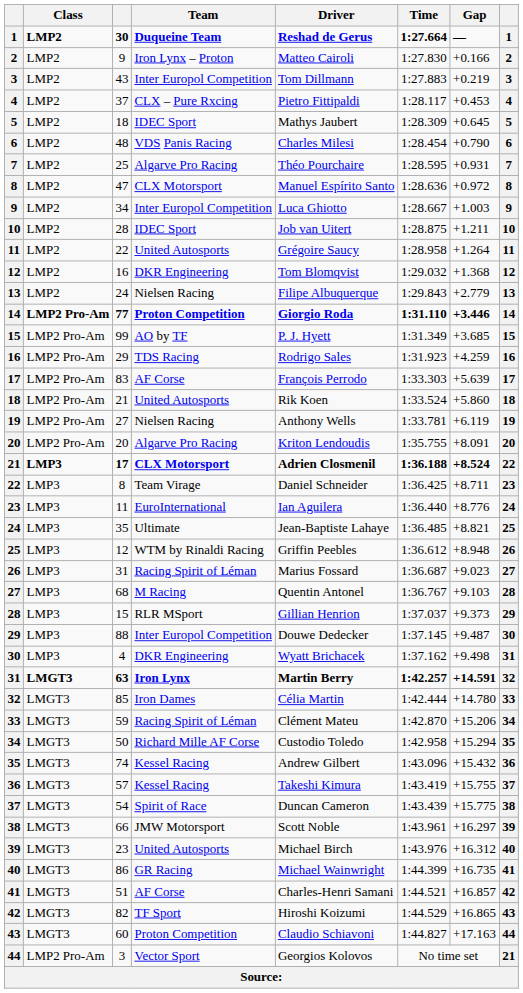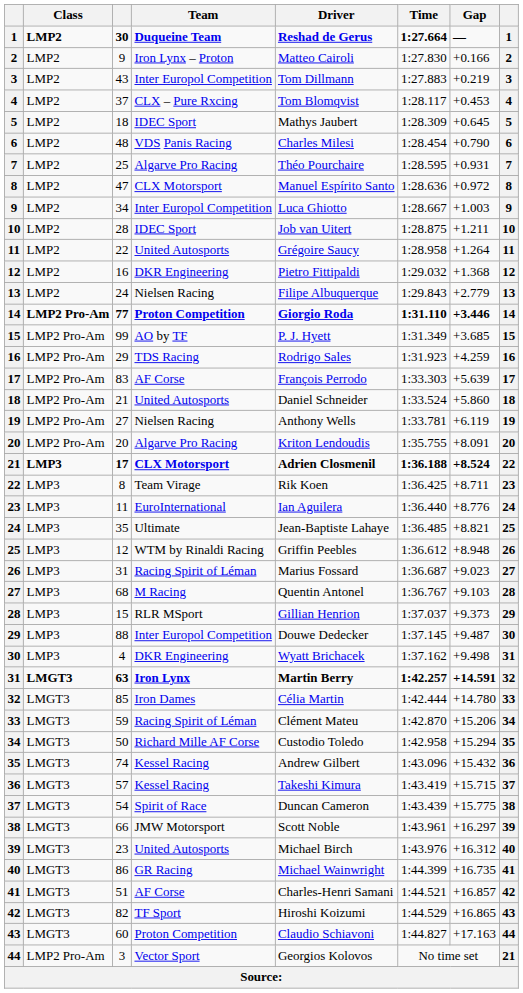 <table class="wikitable sortable" style="font-size:90%;">
 <tr>
 <th></th>
 <th class="unsortable">Class</th>
 <th class="unsortable"></th>
 <th class="unsortable">Team</th>
 <th class="unsortable">Driver</th>
 <th class="unsortable">Time</th>
 <th class="unsortable">Gap</th>
 <th></th>
 </tr>
 <tr style="font-weight:bold;">
 <th>1</th>
 <td>LMP2</td>
 <td align="center">30</td>
 <td> <a href='#'>Duqueine Team</a></td>
 <td> <a href='#'>Reshad de Gerus</a></td>
 <td align="center">1:27.664</td>
 <td>—</td>
 <th>1</th>
 </tr>
 <tr>
 <th>2</th>
 <td>LMP2</td>
 <td align="center">9</td>
 <td> <a href='#'>Iron Lynx</a> – <a href='#'>Proton</a></td>
 <td> <a href='#'>Matteo Cairoli</a></td>
 <td align="center">1:27.830</td>
 <td>+0.166</td>
 <th>2</th>
 </tr>
 <tr>
 <th>3</th>
 <td>LMP2</td>
 <td align="center">43</td>
 <td> <a href='#'>Inter Europol Competition</a></td>
 <td> <a href='#'>Tom Dillmann</a></td>
 <td align="center">1:27.883</td>
 <td>+0.219</td>
 <th>3</th>
 </tr>
 <tr>
 <th>4</th>
 <td>LMP2</td>
 <td align="center">37</td>
 <td> <a href='#'>CLX</a> – <a href='#'>Pure Rxcing</a></td>
-<td> <a href='#'>Pietro Fittipaldi</a></td>
+<td> <a href='#'>Tom Blomqvist</a></td>
 <td align="center">1:28.117</td>
 <td>+0.453</td>
 <th>4</th>
 </tr>
 <tr>
 <th>5</th>
 <td>LMP2</td>
 <td align="center">18</td>
 <td> <a href='#'>IDEC Sport</a></td>
 <td> Mathys Jaubert</td>
 <td align="center">1:28.309</td>
 <td>+0.645</td>
 <th>5</th>
 </tr>
 <tr>
 <th>6</th>
 <td>LMP2</td>
 <td align="center">48</td>
 <td> <a href='#'>VDS</a> <a href='#'>Panis Racing</a></td>
 <td> <a href='#'>Charles Milesi</a></td>
 <td align="center">1:28.454</td>
 <td>+0.790</td>
 <th>6</th>
 </tr>
 <tr>
 <th>7</th>
 <td>LMP2</td>
 <td align="center">25</td>
 <td> <a href='#'>Algarve Pro Racing</a></td>
 <td> <a href='#'>Théo Pourchaire</a></td>
 <td align="center">1:28.595</td>
 <td>+0.931</td>
 <th>7</th>
 </tr>
 <tr>
 <th>8</th>
 <td>LMP2</td>
 <td align="center">47</td>
 <td> <a href='#'>CLX Motorsport</a></td>
 <td> <a href='#'>Manuel Espírito Santo</a></td>
 <td align="center">1:28.636</td>
 <td>+0.972</td>
 <th>8</th>
 </tr>
 <tr>
 <th>9</th>
 <td>LMP2</td>
 <td align="center">34</td>
 <td> <a href='#'>Inter Europol Competition</a></td>
 <td> <a href='#'>Luca Ghiotto</a></td>
 <td align="center">1:28.667</td>
 <td>+1.003</td>
 <th>9</th>
 </tr>
 <tr>
 <th>10</th>
 <td>LMP2</td>
 <td align="center">28</td>
 <td> <a href='#'>IDEC Sport</a></td>
 <td> <a href='#'>Job van Uitert</a></td>
 <td align="center">1:28.875</td>
 <td>+1.211</td>
 <th>10</th>
 </tr>
 <tr>
 <th>11</th>
 <td>LMP2</td>
 <td align="center">22</td>
 <td> <a href='#'>United Autosports</a></td>
 <td> <a href='#'>Grégoire Saucy</a></td>
 <td align="center">1:28.958</td>
 <td>+1.264</td>
 <th>11</th>
 </tr>
 <tr>
 <th>12</th>
 <td>LMP2</td>
 <td align="center">16</td>
 <td> <a href='#'>DKR Engineering</a></td>
-<td> <a href='#'>Tom Blomqvist</a></td>
+<td> <a href='#'>Pietro Fittipaldi</a></td>
 <td align="center">1:29.032</td>
 <td>+1.368</td>
 <th>12</th>
 </tr>
 <tr>
 <th>13</th>
 <td>LMP2</td>
 <td align="center">24</td>
 <td> Nielsen Racing</td>
 <td> <a href='#'>Filipe Albuquerque</a></td>
 <td align="center">1:29.843</td>
 <td>+2.779</td>
 <th>13</th>
 </tr>
 <tr style="font-weight:bold;">
 <th>14</th>
 <td>LMP2 Pro-Am</td>
 <td align="center">77</td>
 <td> <a href='#'>Proton Competition</a></td>
 <td> <a href='#'>Giorgio Roda</a></td>
 <td align="center">1:31.110</td>
 <td>+3.446</td>
 <th>14</th>
 </tr>
 <tr>
 <th>15</th>
 <td>LMP2 Pro-Am</td>
 <td align="center">99</td>
 <td> <a href='#'>AO</a> by <a href='#'>TF</a></td>
 <td> <a href='#'>P. J. Hyett</a></td>
 <td align="center">1:31.349</td>
 <td>+3.685</td>
 <th>15</th>
 </tr>
 <tr>
 <th>16</th>
 <td>LMP2 Pro-Am</td>
 <td align="center">29</td>
 <td> <a href='#'>TDS Racing</a></td>
 <td> <a href='#'>Rodrigo Sales</a></td>
 <td align="center">1:31.923</td>
 <td>+4.259</td>
 <th>16</th>
 </tr>
 <tr>
 <th>17</th>
 <td>LMP2 Pro-Am</td>
 <td align="center">83</td>
 <td> <a href='#'>AF Corse</a></td>
 <td> <a href='#'>François Perrodo</a></td>
 <td align="center">1:33.303</td>
 <td>+5.639</td>
 <th>17</th>
 </tr>
 <tr>
 <th>18</th>
 <td>LMP2 Pro-Am</td>
 <td align="center">21</td>
 <td> <a href='#'>United Autosports</a></td>
-<td> Rik Koen</td>
+<td> Daniel Schneider</td>
 <td align="center">1:33.524</td>
 <td>+5.860</td>
 <th>18</th>
 </tr>
 <tr>
 <th>19</th>
 <td>LMP2 Pro-Am</td>
 <td align="center">27</td>
 <td> Nielsen Racing</td>
 <td> Anthony Wells</td>
 <td align="center">1:33.781</td>
 <td>+6.119</td>
 <th>19</th>
 </tr>
 <tr>
 <th>20</th>
 <td>LMP2 Pro-Am</td>
 <td align="center">20</td>
 <td> <a href='#'>Algarve Pro Racing</a></td>
 <td> <a href='#'>Kriton Lendoudis</a></td>
 <td align="center">1:35.755</td>
 <td>+8.091</td>
 <th>20</th>
 </tr>
 <tr style="font-weight:bold;">
 <th>21</th>
 <td>LMP3</td>
 <td align="center">17</td>
 <td> <a href='#'>CLX Motorsport</a></td>
 <td> Adrien Closmenil</td>
 <td align="center">1:36.188</td>
 <td>+8.524</td>
 <th>22</th>
 </tr>
 <tr>
 <th>22</th>
 <td>LMP3</td>
 <td align="center">8</td>
 <td> Team Virage</td>
-<td> Daniel Schneider</td>
+<td> Rik Koen</td>
 <td align="center">1:36.425</td>
 <td>+8.711</td>
 <th>23</th>
 </tr>
 <tr>
 <th>23</th>
 <td>LMP3</td>
 <td align="center">11</td>
 <td> <a href='#'>EuroInternational</a></td>
 <td> <a href='#'>Ian Aguilera</a></td>
 <td align="center">1:36.440</td>
 <td>+8.776</td>
 <th>24</th>
 </tr>
 <tr>
 <th>24</th>
 <td>LMP3</td>
 <td align="center">35</td>
 <td> Ultimate</td>
 <td> Jean-Baptiste Lahaye</td>
 <td align="center">1:36.485</td>
 <td>+8.821</td>
 <th>25</th>
 </tr>
 <tr>
 <th>25</th>
 <td>LMP3</td>
 <td align="center">12</td>
 <td> WTM by Rinaldi Racing</td>
 <td> Griffin Peebles</td>
 <td align="center">1:36.612</td>
 <td>+8.948</td>
 <th>26</th>
 </tr>
 <tr>
 <th>26</th>
 <td>LMP3</td>
 <td align="center">31</td>
 <td> <a href='#'>Racing Spirit of Léman</a></td>
 <td> Marius Fossard</td>
 <td align="center">1:36.687</td>
 <td>+9.023</td>
 <th>27</th>
 </tr>
 <tr>
 <th>27</th>
 <td>LMP3</td>
 <td align="center">68</td>
 <td> <a href='#'>M Racing</a></td>
 <td> Quentin Antonel</td>
 <td align="center">1:36.767</td>
 <td>+9.103</td>
 <th>28</th>
 </tr>
 <tr>
 <th>28</th>
 <td>LMP3</td>
 <td align="center">15</td>
 <td> RLR MSport</td>
 <td> <a href='#'>Gillian Henrion</a></td>
 <td align="center">1:37.037</td>
 <td>+9.373</td>
 <th>29</th>
 </tr>
 <tr>
 <th>29</th>
 <td>LMP3</td>
 <td align="center">88</td>
 <td> <a href='#'>Inter Europol Competition</a></td>
 <td> Douwe Dedecker</td>
 <td align="center">1:37.145</td>
 <td>+9.487</td>
 <th>30</th>
 </tr>
 <tr>
 <th>30</th>
 <td>LMP3</td>
 <td align="center">4</td>
 <td> <a href='#'>DKR Engineering</a></td>
 <td> <a href='#'>Wyatt Brichacek</a></td>
 <td align="center">1:37.162</td>
 <td>+9.498</td>
 <th>31</th>
 </tr>
 <tr style="font-weight:bold;">
 <th>31</th>
 <td>LMGT3</td>
 <td align="center">63</td>
 <td> <a href='#'>Iron Lynx</a></td>
 <td> Martin Berry</td>
 <td align="center">1:42.257</td>
 <td>+14.591</td>
 <th>32</th>
 </tr>
 <tr>
 <th>32</th>
 <td>LMGT3</td>
 <td align="center">85</td>
 <td> <a href='#'>Iron Dames</a></td>
 <td> <a href='#'>Célia Martin</a></td>
 <td align="center">1:42.444</td>
 <td>+14.780</td>
 <th>33</th>
 </tr>
 <tr>
 <th>33</th>
 <td>LMGT3</td>
 <td align="center">59</td>
 <td> <a href='#'>Racing Spirit of Léman</a></td>
 <td> Clément Mateu</td>
 <td align="center">1:42.870</td>
 <td>+15.206</td>
 <th>34</th>
 </tr>
 <tr>
 <th>34</th>
 <td>LMGT3</td>
 <td align="center">50</td>
 <td> <a href='#'>Richard Mille AF Corse</a></td>
 <td> Custodio Toledo</td>
 <td align="center">1:42.958</td>
 <td>+15.294</td>
 <th>35</th>
 </tr>
 <tr>
 <th>35</th>
 <td>LMGT3</td>
 <td align="center">74</td>
 <td> <a href='#'>Kessel Racing</a></td>
 <td> Andrew Gilbert</td>
 <td align="center">1:43.096</td>
 <td>+15.432</td>
 <th>36</th>
 </tr>
 <tr>
 <th>36</th>
 <td>LMGT3</td>
 <td align="center">57</td>
 <td> <a href='#'>Kessel Racing</a></td>
 <td> <a href='#'>Takeshi Kimura</a></td>
 <td align="center">1:43.419</td>
-<td>+15.755</td>
+<td>+15.715</td>
 <th>37</th>
 </tr>
 <tr>
 <th>37</th>
 <td>LMGT3</td>
 <td align="center">54</td>
 <td> <a href='#'>Spirit of Race</a></td>
 <td> Duncan Cameron</td>
 <td align="center">1:43.439</td>
 <td>+15.775</td>
 <th>38</th>
 </tr>
 <tr>
 <th>38</th>
 <td>LMGT3</td>
 <td align="center">66</td>
 <td> JMW Motorsport</td>
 <td> Scott Noble</td>
 <td align="center">1:43.961</td>
 <td>+16.297</td>
 <th>39</th>
 </tr>
 <tr>
 <th>39</th>
 <td>LMGT3</td>
 <td align="center">23</td>
 <td> <a href='#'>United Autosports</a></td>
 <td> Michael Birch</td>
 <td align="center">1:43.976</td>
 <td>+16.312</td>
 <th>40</th>
 </tr>
 <tr>
 <th>40</th>
 <td>LMGT3</td>
 <td align="center">86</td>
 <td> <a href='#'>GR Racing</a></td>
 <td> <a href='#'>Michael Wainwright</a></td>
 <td align="center">1:44.399</td>
 <td>+16.735</td>
 <th>41</th>
 </tr>
 <tr>
 <th>41</th>
 <td>LMGT3</td>
 <td align="center">51</td>
 <td> <a href='#'>AF Corse</a></td>
 <td> Charles-Henri Samani</td>
 <td align="center">1:44.521</td>
 <td>+16.857</td>
 <th>42</th>
 </tr>
 <tr>
 <th>42</th>
 <td>LMGT3</td>
 <td align="center">82</td>
 <td> <a href='#'>TF Sport</a></td>
 <td> Hiroshi Koizumi</td>
 <td align="center">1:44.529</td>
 <td>+16.865</td>
 <th>43</th>
 </tr>
 <tr>
 <th>43</th>
 <td>LMGT3</td>
 <td align="center">60</td>
 <td> <a href='#'>Proton Competition</a></td>
 <td> <a href='#'>Claudio Schiavoni</a></td>
 <td align="center">1:44.827</td>
 <td>+17.163</td>
 <th>44</th>
 </tr>
 <tr>
 <th>44</th>
 <td>LMP2 Pro-Am</td>
 <td align="center">3</td>
 <td> <a href='#'>Vector Sport</a></td>
 <td> Georgios Kolovos</td>
 <td colspan=2 align="center">No time set</td>
 <th>21</th>
 </tr>
 <tr>
 <th colspan=8>Source:</th>
 </tr>
 </table>
